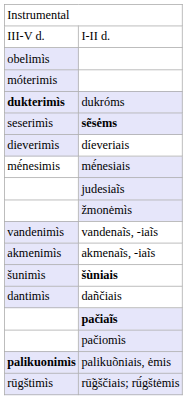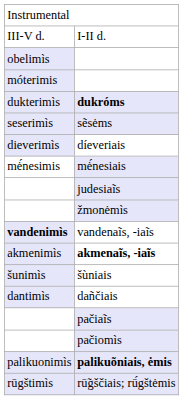 <table class=wikitable style="background: #FFFFFF; line-height: 1.3em;">
 <tr>
 <td colspan=3>Instrumental</td>
 </tr>
 <tr>
 <td>III-V d.</td>
 <td>I-II d.</td>
 </tr>
 <tr>
 <td style="background: #E6E6FA">obelimìs</td>
 <td></td>
 </tr>
 <tr>
 <td style="background: #E6E6FA">móterimis</td>
 <td></td>
 </tr>
 <tr style="background: #E6E6FA">
-<td><strong>dukterimìs</strong></td>
-<td>dukróms</td>
+<td>dukterimìs</td>
+<td><strong>dukróms</strong></td>
 </tr>
 <tr style="background: #E6E6FA">
 <td>seserimìs</td>
-<td><strong>sẽsėms</strong></td>
+<td>sẽsėms</td>
 </tr>
 <tr>
 <td style="background: #E6E6FA">dieverimìs</td>
 <td>díeveriais</td>
 </tr>
 <tr>
 <td>mė́nesimis</td>
 <td style="background: #E6E6FA">mė́nesiais</td>
 </tr>
 <tr>
 <td></td>
 <td style="background: #E6E6FA">judesiaĩs</td>
 </tr>
 <tr>
 <td></td>
 <td style="background: #E6E6FA">žmonėmìs</td>
 </tr>
 <tr>
-<td style="background: #E6E6FA">vandenimìs</td>
+<td style="background: #E6E6FA"><strong>vandenimìs</strong></td>
 <td>vandenaĩs, -iaĩs</td>
 </tr>
 <tr>
 <td style="background: #E6E6FA">akmenimìs</td>
-<td>akmenaĩs, -iaĩs</td>
+<td><strong>akmenaĩs, -iaĩs</strong></td>
 </tr>
 <tr>
 <td style="background: #E6E6FA">šunimìs</td>
-<td><strong>šùniais</strong></td>
+<td>šùniais</td>
 </tr>
 <tr>
 <td style="background: #E6E6FA">dantimìs</td>
 <td>dañčiais</td>
 </tr>
 <tr>
 <td></td>
-<td style="background: #E6E6FA"><strong>pačiaĩs</strong></td>
+<td style="background: #E6E6FA">pačiaĩs</td>
 </tr>
 <tr>
 <td></td>
 <td style="background: #E6E6FA">pačiomìs</td>
 </tr>
 <tr style="background: #E6E6FA">
-<td><strong>palikuonimìs</strong></td>
-<td>palikuõniais, ėmis</td>
+<td>palikuonimìs</td>
+<td><strong>palikuõniais, ėmis</strong></td>
 </tr>
 <tr style="background: #E6E6FA">
 <td>rūgštimìs</td>
 <td>rū̃gščiais; rū́gštėmis</td>
 </tr>
 </table>
